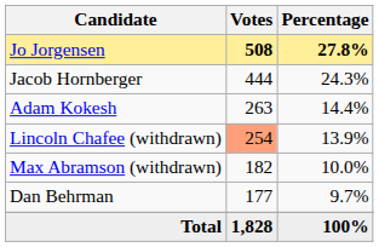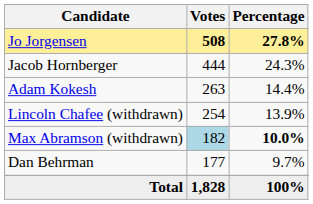 <table class="wikitable" style="text-align:right;">
 <tr>
 <th>Candidate</th>
 <th>Votes</th>
 <th>Percentage</th>
 </tr>
 <tr style="background:#ffef99;">
 <td style="text-align:left;"><a href='#'>Jo Jorgensen</a></td>
 <td><strong>508</strong></td>
 <td><strong>27.8%</strong></td>
 </tr>
 <tr>
 <td style="text-align:left;">Jacob Hornberger</td>
 <td>444</td>
 <td>24.3%</td>
 </tr>
 <tr>
 <td style="text-align:left;"><a href='#'>Adam Kokesh</a></td>
 <td>263</td>
 <td>14.4%</td>
 </tr>
 <tr>
 <td style="text-align:left;"><a href='#'>Lincoln Chafee</a> (withdrawn)</td>
-<td style="background: lightsalmon;">254</td>
+<td>254</td>
 <td>13.9%</td>
 </tr>
 <tr>
 <td style="text-align:left;"><a href='#'>Max Abramson</a> (withdrawn)</td>
-<td>182</td>
-<td>10.0%</td>
+<td style="background: lightblue;">182</td>
+<td><strong>10.0%</strong></td>
 </tr>
 <tr>
 <td style="text-align:left;">Dan Behrman</td>
 <td>177</td>
 <td>9.7%</td>
 </tr>
 <tr>
 </tr>
 <tr style="background:#eee;">
 <td style="margin-right:0.50px"><strong>Total</strong></td>
 <td style="margin-right:0.50px"><strong>1,828</strong></td>
 <td style="margin-right:0.50px"><strong>100%</strong></td>
 </tr>
 </table>
